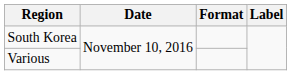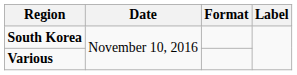 <table class = "wikitable plainrowheaders">
 <tr>
 <th>Region</th>
 <th>Date</th>
 <th>Format</th>
 <th>Label</th>
 </tr>
 <tr>
-<td>South Korea</td>
+<td><strong>South Korea</strong></td>
 <td rowspan="2">November 10, 2016</td>
 <td></td>
 <td rowspan="2"></td>
 </tr>
 <tr>
-<td>Various</td>
+<td><strong>Various</strong></td>
 <td></td>
 </tr>
 </table>
